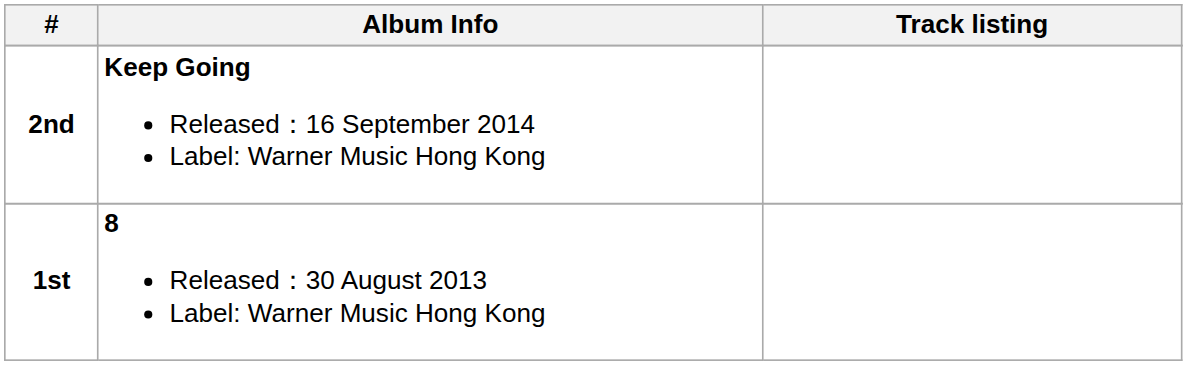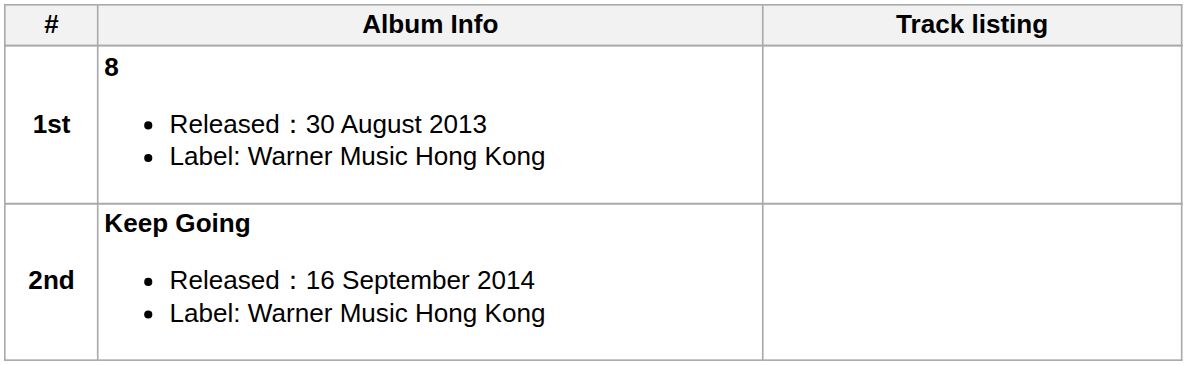 <table class="wikitable">
 <tr>
 <th align="left" width="50px">#</th>
 <th align="left" width="400px">Album Info</th>
 <th align="left" width="250px">Track listing</th>
 </tr>
 <tr>
 </tr>
 <tr bgcolor="#FFFFFF">
+<td align="center"><strong>1st</strong></td>
+<td align="left"><strong>8</strong><br><ul><li>Released：30 August 2013</li><li>Label: Warner Music Hong Kong</li></ul></td>
+<td align="left" style="font-size: 85%;"><br> </td>
+</tr>
+<tr>
+</tr>
+<tr bgcolor="#FFFFFF">
 <td align="center"><strong>2nd</strong></td>
 <td align="left"><strong>Keep Going</strong><br><ul><li>Released：16 September 2014</li><li>Label: Warner Music Hong Kong</li></ul></td>
 <td align="left" style="font-size: 85%;"><br></td>
 </tr>
-<tr>
-</tr>
-<tr bgcolor="#FFFFFF">
-<td align="center"><strong>1st</strong></td>
-<td align="left"><strong>8</strong><br><ul><li>Released：30 August 2013</li><li>Label: Warner Music Hong Kong</li></ul></td>
-<td align="left" style="font-size: 85%;"><br> </td>
-</tr>
 </table>
